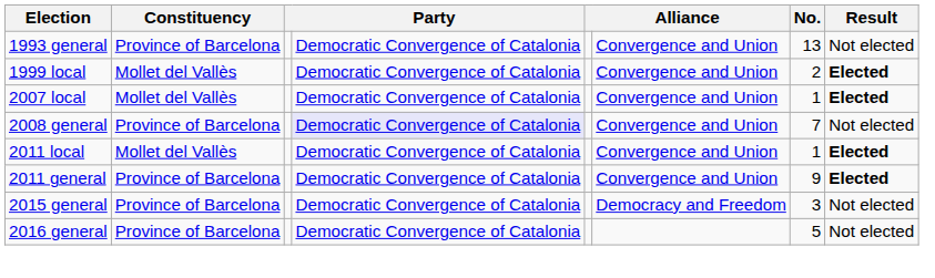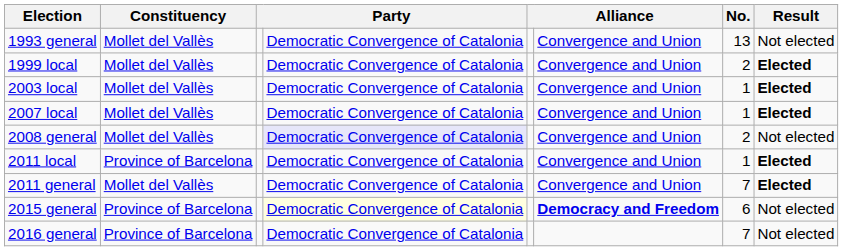 <table class="wikitable" style="text-align:left;">
 <tr>
 <th scope=col>Election</th>
 <th scope=col>Constituency</th>
 <th scope=col colspan="2">Party</th>
 <th scope=col colspan="2">Alliance</th>
 <th scope=col>No.</th>
 <th scope=col>Result</th>
 </tr>
 <tr>
 <td><a href='#'>1993 general</a></td>
-<td><a href='#'>Province of Barcelona</a></td>
+<td><a href='#'>Mollet del Vallès</a></td>
 <td style="background:"></td>
 <td><a href='#'>Democratic Convergence of Catalonia</a></td>
 <td style="background:"></td>
 <td><a href='#'>Convergence and Union</a></td>
 <td align=right>13</td>
 <td>Not elected</td>
 </tr>
 <tr>
 <td><a href='#'>1999 local</a></td>
 <td><a href='#'>Mollet del Vallès</a></td>
 <td style="background:"></td>
 <td><a href='#'>Democratic Convergence of Catalonia</a></td>
 <td style="background:"></td>
 <td><a href='#'>Convergence and Union</a></td>
 <td align=right>2</td>
 <td><strong>Elected</strong></td>
 </tr>
 <tr>
+<td><a href='#'>2003 local</a></td>
+<td><a href='#'>Mollet del Vallès</a></td>
+<td style="background:"></td>
+<td><a href='#'>Democratic Convergence of Catalonia</a></td>
+<td style="background:"></td>
+<td><a href='#'>Convergence and Union</a></td>
+<td align=right>1</td>
+<td><strong>Elected</strong></td>
+</tr>
+<tr>
 <td><a href='#'>2007 local</a></td>
 <td><a href='#'>Mollet del Vallès</a></td>
 <td style="background:"></td>
 <td><a href='#'>Democratic Convergence of Catalonia</a></td>
 <td style="background:"></td>
 <td><a href='#'>Convergence and Union</a></td>
 <td align=right>1</td>
 <td><strong>Elected</strong></td>
 </tr>
 <tr>
 <td><a href='#'>2008 general</a></td>
-<td><a href='#'>Province of Barcelona</a></td>
+<td><a href='#'>Mollet del Vallès</a></td>
 <td style="background:"></td>
 <td style="background: lavender;"><a href='#'>Democratic Convergence of Catalonia</a></td>
 <td style="background:"></td>
 <td><a href='#'>Convergence and Union</a></td>
-<td align=right>7</td>
+<td align=right>2</td>
 <td>Not elected</td>
 </tr>
 <tr>
 <td><a href='#'>2011 local</a></td>
-<td><a href='#'>Mollet del Vallès</a></td>
+<td><a href='#'>Province of Barcelona</a></td>
 <td style="background:"></td>
 <td><a href='#'>Democratic Convergence of Catalonia</a></td>
 <td style="background:"></td>
 <td><a href='#'>Convergence and Union</a></td>
 <td align=right>1</td>
 <td><strong>Elected</strong></td>
 </tr>
 <tr>
 <td><a href='#'>2011 general</a></td>
-<td><a href='#'>Province of Barcelona</a></td>
+<td><a href='#'>Mollet del Vallès</a></td>
 <td style="background:"></td>
 <td><a href='#'>Democratic Convergence of Catalonia</a></td>
 <td style="background:"></td>
 <td><a href='#'>Convergence and Union</a></td>
-<td align=right>9</td>
+<td align=right>7</td>
 <td><strong>Elected</strong></td>
 </tr>
 <tr>
 <td><a href='#'>2015 general</a></td>
 <td><a href='#'>Province of Barcelona</a></td>
 <td style="background:"></td>
-<td><a href='#'>Democratic Convergence of Catalonia</a></td>
+<td style="background: lightyellow;"><a href='#'>Democratic Convergence of Catalonia</a></td>
 <td style="background:"></td>
-<td><a href='#'>Democracy and Freedom</a></td>
-<td align=right>3</td>
+<td><strong><a href='#'>Democracy and Freedom</a></strong></td>
+<td align=right>6</td>
 <td>Not elected</td>
 </tr>
 <tr>
 <td><a href='#'>2016 general</a></td>
 <td><a href='#'>Province of Barcelona</a></td>
 <td style="background:"></td>
 <td><a href='#'>Democratic Convergence of Catalonia</a></td>
 <td></td>
 <td></td>
-<td align=right>5</td>
+<td align=right>7</td>
 <td>Not elected</td>
 </tr>
 </table>
